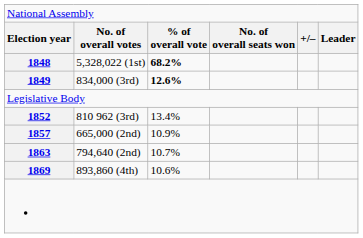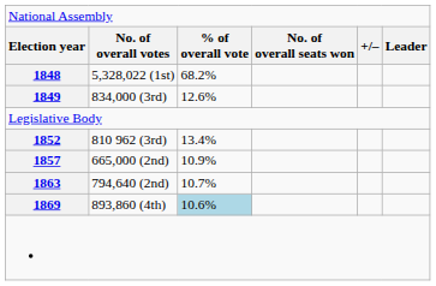 <table class=wikitable>
 <tr>
 <td colspan=6><a href='#'>National Assembly</a></td>
 </tr>
 <tr>
 <th>Election year</th>
 <th>No. of<br>overall votes</th>
 <th>% of<br>overall vote</th>
 <th>No. of<br>overall seats won</th>
 <th>+/–</th>
 <th>Leader</th>
 </tr>
 <tr>
 <th><a href='#'>1848</a></th>
 <td>5,328,022 (1st)</td>
-<td><strong>68.2%</strong></td>
+<td>68.2%</td>
 <td></td>
 <td></td>
 <td></td>
 </tr>
 <tr>
 <th><a href='#'>1849</a></th>
 <td>834,000 (3rd)</td>
-<td><strong>12.6%</strong></td>
+<td>12.6%</td>
 <td></td>
 <td></td>
 <td></td>
 </tr>
 <tr>
 <td colspan=6><a href='#'>Legislative Body</a></td>
 </tr>
 <tr>
 <th><a href='#'>1852</a></th>
 <td>810 962 (3rd)</td>
 <td>13.4%</td>
 <td></td>
 <td></td>
 <td></td>
 </tr>
 <tr>
 <th><a href='#'>1857</a></th>
 <td>665,000 (2nd)</td>
 <td>10.9%</td>
 <td></td>
 <td></td>
 <td></td>
 </tr>
 <tr>
 <th><a href='#'>1863</a></th>
 <td>794,640 (2nd)</td>
 <td>10.7%</td>
 <td></td>
 <td></td>
 <td></td>
 </tr>
 <tr>
 <th><a href='#'>1869</a></th>
 <td>893,860 (4th)</td>
-<td>10.6%</td>
+<td style="background: lightblue;">10.6%</td>
 <td></td>
 <td></td>
 <td></td>
 </tr>
 <tr>
 <td colspan=6><br><ul><li></li></ul></td>
 </tr>
 </table>
